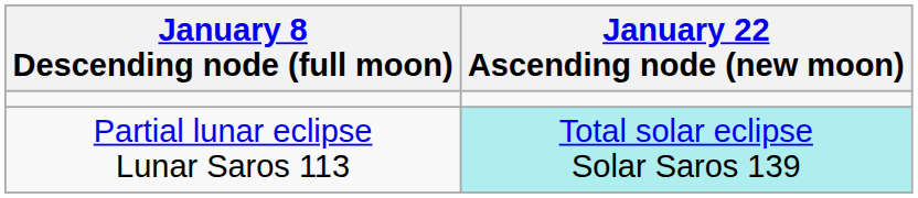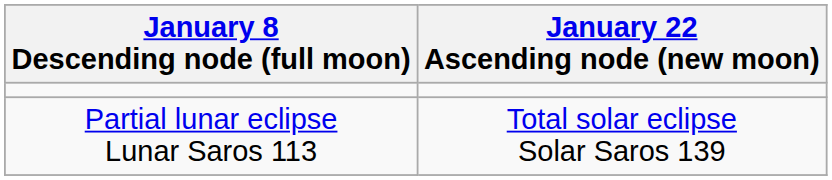 <table class="wikitable">
 <tr>
 <th><a href='#'>January 8</a><br>Descending node (full moon)<br></th>
 <th><a href='#'>January 22</a><br>Ascending node (new moon)<br></th>
 </tr>
 <tr>
 <td></td>
 <td></td>
 </tr>
 <tr align=center>
 <td><a href='#'>Partial lunar eclipse</a><br>Lunar Saros 113</td>
-<td style="background: paleturquoise;"><a href='#'>Total solar eclipse</a><br>Solar Saros 139</td>
+<td><a href='#'>Total solar eclipse</a><br>Solar Saros 139</td>
 </tr>
 </table>
